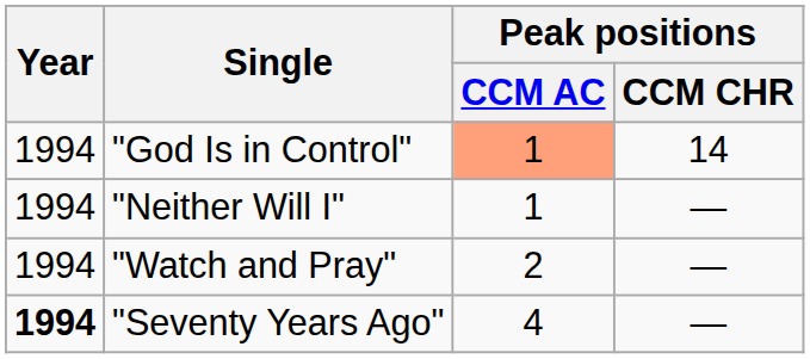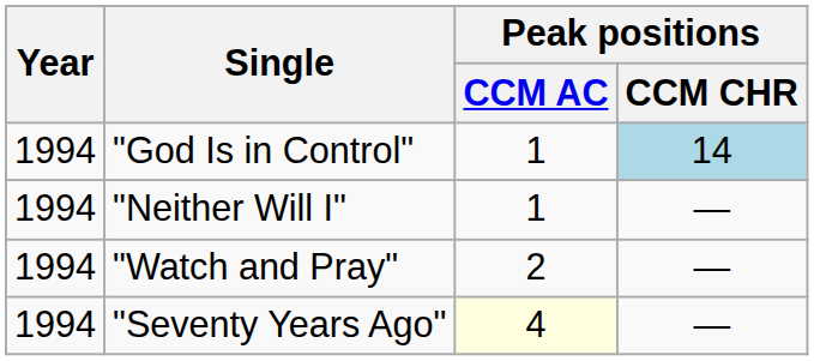 <table class="wikitable">
 <tr>
 <th rowspan="2">Year</th>
 <th rowspan="2">Single</th>
 <th colspan="2">Peak positions</th>
 </tr>
 <tr>
 <th><a href='#'>CCM AC</a></th>
 <th>CCM CHR</th>
 </tr>
 <tr>
 <td>1994</td>
 <td>"God Is in Control"</td>
-<td align="center" style="background: lightsalmon;">1</td>
-<td align="center">14</td>
+<td align="center">1</td>
+<td align="center" style="background: lightblue;">14</td>
 </tr>
 <tr>
 <td>1994</td>
 <td>"Neither Will I"</td>
 <td align="center">1</td>
 <td align="center">—</td>
 </tr>
 <tr>
 <td>1994</td>
 <td>"Watch and Pray"</td>
 <td align="center">2</td>
 <td align="center">—</td>
 </tr>
 <tr>
-<td><strong>1994</strong></td>
+<td>1994</td>
 <td>"Seventy Years Ago"</td>
-<td align="center">4</td>
+<td align="center" style="background: lightyellow;">4</td>
 <td align="center">—</td>
 </tr>
 </table>
